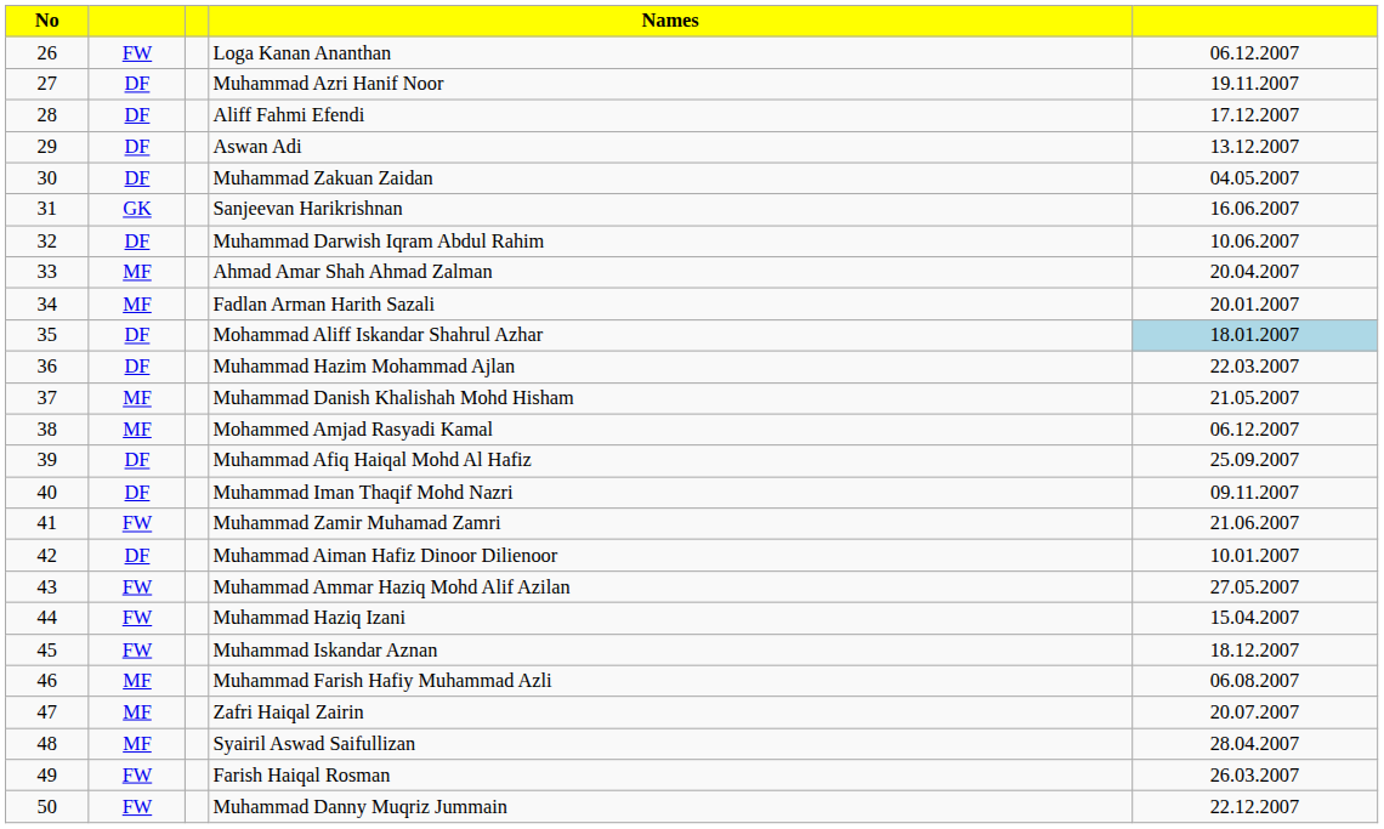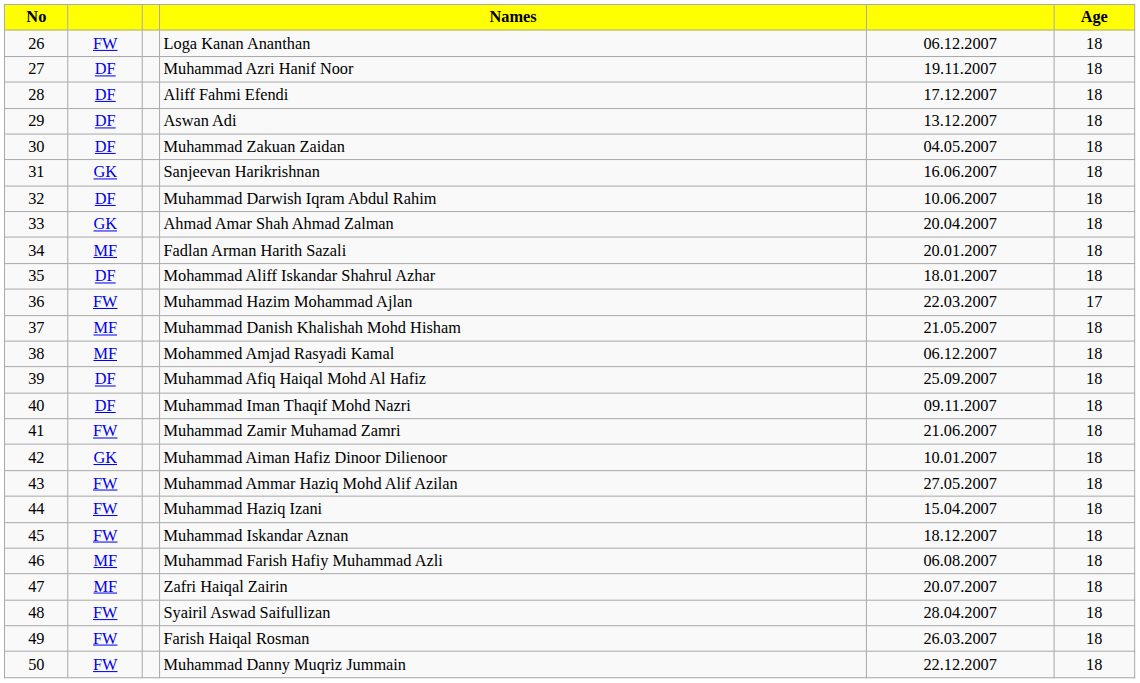 <table class="wikitable" style="text-align:center; width:70%">
 <tr>
 <th style="background:yellow">No</th>
 <th style="background:yellow"></th>
 <th style="background:yellow"></th>
 <th style="background:yellow">Names</th>
 <th style="background:yellow"></th>
+<th style="background:yellow">Age</th>
 </tr>
 <tr>
 <td>26</td>
 <td><a href='#'>FW</a></td>
 <td></td>
 <td align="left">Loga Kanan Ananthan</td>
 <td>06.12.2007</td>
+<td>18</td>
 </tr>
 <tr>
 <td>27</td>
 <td><a href='#'>DF</a></td>
 <td></td>
 <td align="left">Muhammad Azri Hanif Noor</td>
 <td>19.11.2007</td>
+<td>18</td>
 </tr>
 <tr>
 <td>28</td>
 <td><a href='#'>DF</a></td>
 <td></td>
 <td align="left">Aliff Fahmi Efendi</td>
 <td>17.12.2007</td>
+<td>18</td>
 </tr>
 <tr>
 <td>29</td>
 <td><a href='#'>DF</a></td>
 <td></td>
 <td align="left">Aswan Adi</td>
 <td>13.12.2007</td>
+<td>18</td>
 </tr>
 <tr>
 <td>30</td>
 <td><a href='#'>DF</a></td>
 <td></td>
 <td align="left">Muhammad Zakuan Zaidan</td>
 <td>04.05.2007</td>
+<td>18</td>
 </tr>
 <tr>
 <td>31</td>
 <td><a href='#'>GK</a></td>
 <td></td>
 <td align="left">Sanjeevan Harikrishnan</td>
 <td>16.06.2007</td>
+<td>18</td>
 </tr>
 <tr>
 <td>32</td>
 <td><a href='#'>DF</a></td>
 <td></td>
 <td align="left">Muhammad Darwish Iqram Abdul Rahim</td>
 <td>10.06.2007</td>
+<td>18</td>
 </tr>
 <tr>
 <td>33</td>
-<td><a href='#'>MF</a></td>
+<td><a href='#'>GK</a></td>
 <td></td>
 <td align="left">Ahmad Amar Shah Ahmad Zalman</td>
 <td>20.04.2007</td>
+<td>18</td>
 </tr>
 <tr>
 <td>34</td>
 <td><a href='#'>MF</a></td>
 <td></td>
 <td align="left">Fadlan Arman Harith Sazali</td>
 <td>20.01.2007</td>
+<td>18</td>
 </tr>
 <tr>
 <td>35</td>
 <td><a href='#'>DF</a></td>
 <td></td>
 <td align="left">Mohammad Aliff Iskandar Shahrul Azhar</td>
-<td style="background: lightblue;">18.01.2007</td>
+<td>18.01.2007</td>
+<td>18</td>
 </tr>
 <tr>
 <td>36</td>
-<td><a href='#'>DF</a></td>
+<td><a href='#'>FW</a></td>
 <td></td>
 <td align="left">Muhammad Hazim Mohammad Ajlan</td>
 <td>22.03.2007</td>
+<td>17</td>
 </tr>
 <tr>
 <td>37</td>
 <td><a href='#'>MF</a></td>
 <td></td>
 <td align="left">Muhammad Danish Khalishah Mohd Hisham</td>
 <td>21.05.2007</td>
+<td>18</td>
 </tr>
 <tr>
 <td>38</td>
 <td><a href='#'>MF</a></td>
 <td></td>
 <td align="left">Mohammed Amjad Rasyadi Kamal</td>
 <td>06.12.2007</td>
+<td>18</td>
 </tr>
 <tr>
 <td>39</td>
 <td><a href='#'>DF</a></td>
 <td></td>
 <td align="left">Muhammad Afiq Haiqal Mohd Al Hafiz</td>
 <td>25.09.2007</td>
+<td>18</td>
 </tr>
 <tr>
 <td>40</td>
 <td><a href='#'>DF</a></td>
 <td></td>
 <td align="left">Muhammad Iman Thaqif Mohd Nazri</td>
 <td>09.11.2007</td>
+<td>18</td>
 </tr>
 <tr>
 <td>41</td>
 <td><a href='#'>FW</a></td>
 <td></td>
 <td align="left">Muhammad Zamir Muhamad Zamri</td>
 <td>21.06.2007</td>
+<td>18</td>
 </tr>
 <tr>
 <td>42</td>
-<td><a href='#'>DF</a></td>
+<td><a href='#'>GK</a></td>
 <td></td>
 <td align="left">Muhammad Aiman Hafiz Dinoor Dilienoor</td>
 <td>10.01.2007</td>
+<td>18</td>
 </tr>
 <tr>
 <td>43</td>
 <td><a href='#'>FW</a></td>
 <td></td>
 <td align="left">Muhammad Ammar Haziq Mohd Alif Azilan</td>
 <td>27.05.2007</td>
+<td>18</td>
 </tr>
 <tr>
 <td>44</td>
 <td><a href='#'>FW</a></td>
 <td></td>
 <td align="left">Muhammad Haziq Izani</td>
 <td>15.04.2007</td>
+<td>18</td>
 </tr>
 <tr>
 <td>45</td>
 <td><a href='#'>FW</a></td>
 <td></td>
 <td align="left">Muhammad Iskandar Aznan</td>
 <td>18.12.2007</td>
+<td>18</td>
 </tr>
 <tr>
 <td>46</td>
 <td><a href='#'>MF</a></td>
 <td></td>
 <td align="left">Muhammad Farish Hafiy Muhammad Azli</td>
 <td>06.08.2007</td>
+<td>18</td>
 </tr>
 <tr>
 <td>47</td>
 <td><a href='#'>MF</a></td>
 <td></td>
 <td align="left">Zafri Haiqal Zairin</td>
 <td>20.07.2007</td>
+<td>18</td>
 </tr>
 <tr>
 <td>48</td>
-<td><a href='#'>MF</a></td>
+<td><a href='#'>FW</a></td>
 <td></td>
 <td align="left">Syairil Aswad Saifullizan</td>
 <td>28.04.2007</td>
+<td>18</td>
 </tr>
 <tr>
 <td>49</td>
 <td><a href='#'>FW</a></td>
 <td></td>
 <td align="left">Farish Haiqal Rosman</td>
 <td>26.03.2007</td>
+<td>18</td>
 </tr>
 <tr>
 <td>50</td>
 <td><a href='#'>FW</a></td>
 <td></td>
 <td align="left">Muhammad Danny Muqriz Jummain</td>
 <td>22.12.2007</td>
+<td>18</td>
 </tr>
 </table>
